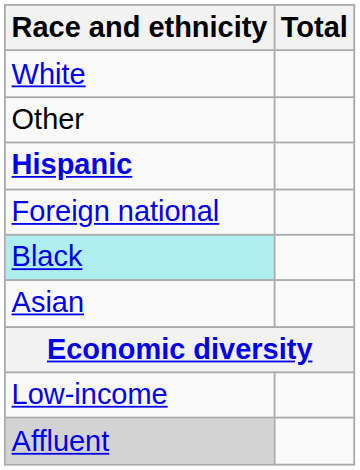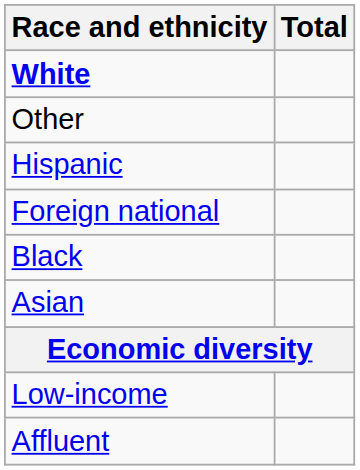 <table class="wikitable floatright sortable collapsible"; text-align:right; font-size:80%;">
 <tr>
 <th>Race and ethnicity</th>
 <th colspan="2" data-sort-type=number>Total</th>
 </tr>
 <tr>
-<td><a href='#'>White</a></td>
+<td><strong><a href='#'>White</a></strong></td>
 <td align=right></td>
 </tr>
 <tr>
 <td>Other</td>
 <td align=right></td>
 </tr>
 <tr>
-<td><strong><a href='#'>Hispanic</a></strong></td>
+<td><a href='#'>Hispanic</a></td>
 <td align=right></td>
 </tr>
 <tr>
 <td><a href='#'>Foreign national</a></td>
 <td align=right></td>
 </tr>
 <tr>
-<td style="background: paleturquoise;"><a href='#'>Black</a></td>
+<td><a href='#'>Black</a></td>
 <td align=right></td>
 </tr>
 <tr>
 <td><a href='#'>Asian</a></td>
 <td align=right></td>
 </tr>
 <tr>
 <th colspan="4" data-sort-type=number><a href='#'>Economic diversity</a></th>
 </tr>
 <tr>
 <td><a href='#'>Low-income</a></td>
 <td align=right></td>
 </tr>
 <tr>
-<td style="background: lightgrey;"><a href='#'>Affluent</a></td>
+<td><a href='#'>Affluent</a></td>
 <td align=right></td>
 </tr>
 </table>
